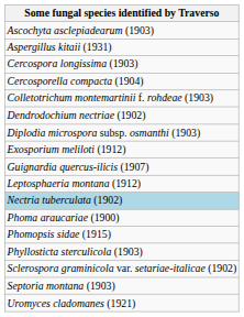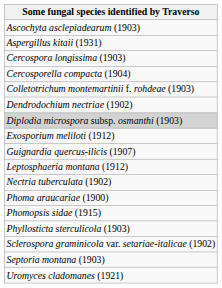 <table class="wikitable">
 <tr>
 <th>Some fungal species identified by Traverso</th>
 </tr>
 <tr>
 <td><em>Ascochyta asclepiadearum</em> (1903)</td>
 </tr>
 <tr>
 <td><em>Aspergillus kitaii</em> (1931)</td>
 </tr>
 <tr>
 <td><em>Cercospora longissima</em> (1903)</td>
 </tr>
 <tr>
 <td><em>Cercosporella compacta</em> (1904)</td>
 </tr>
 <tr>
 <td><em>Colletotrichum montemartinii</em> f. <em>rohdeae</em> (1903)</td>
 </tr>
 <tr>
 <td><em>Dendrodochium nectriae</em> (1902)</td>
 </tr>
 <tr>
-<td><em>Diplodia microspora</em> subsp. <em>osmanthi</em> (1903)</td>
+<td style="background: lightgrey;"><em>Diplodia microspora</em> subsp. <em>osmanthi</em> (1903)</td>
 </tr>
 <tr>
 <td><em>Exosporium meliloti</em> (1912)</td>
 </tr>
 <tr>
 <td><em>Guignardia quercus-ilicis</em> (1907)</td>
 </tr>
 <tr>
 <td><em>Leptosphaeria montana</em> (1912)</td>
 </tr>
 <tr>
-<td style="background: lightblue;"><em>Nectria tuberculata</em> (1902)</td>
+<td><em>Nectria tuberculata</em> (1902)</td>
 </tr>
 <tr>
 <td><em>Phoma araucariae</em> (1900)</td>
 </tr>
 <tr>
 <td><em>Phomopsis sidae</em> (1915)</td>
 </tr>
 <tr>
 <td><em>Phyllosticta sterculicola</em> (1903)</td>
 </tr>
 <tr>
 <td><em>Sclerospora graminicola</em> var. <em>setariae-italicae</em> (1902)</td>
 </tr>
 <tr>
 <td><em>Septoria montana</em> (1903)</td>
 </tr>
 <tr>
 <td><em>Uromyces cladomanes</em> (1921)</td>
 </tr>
 </table>
